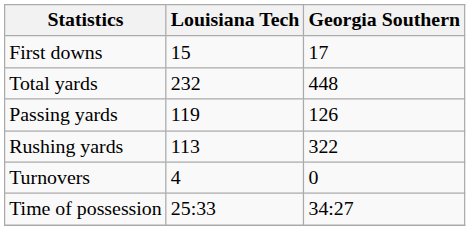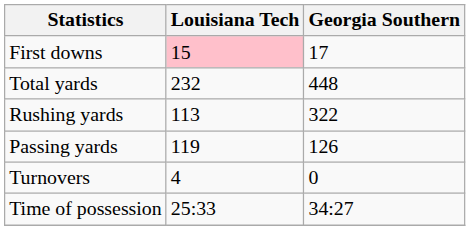 <table class="wikitable">
 <tr>
 <th>Statistics</th>
 <th>Louisiana Tech</th>
 <th>Georgia Southern</th>
 </tr>
 <tr>
 <td>First downs</td>
-<td>15</td>
+<td style="background: pink;">15</td>
 <td>17</td>
 </tr>
 <tr>
 <td>Total yards</td>
 <td>232</td>
 <td>448</td>
 </tr>
 <tr>
+<td>Rushing yards</td>
+<td>113</td>
+<td>322</td>
+</tr>
+<tr>
 <td>Passing yards</td>
 <td>119</td>
 <td>126</td>
-</tr>
-<tr>
-<td>Rushing yards</td>
-<td>113</td>
-<td>322</td>
 </tr>
 <tr>
 <td>Turnovers</td>
 <td>4</td>
 <td>0</td>
 </tr>
 <tr>
 <td>Time of possession</td>
 <td>25:33</td>
 <td>34:27</td>
 </tr>
 <tr>
 </tr>
 </table>
